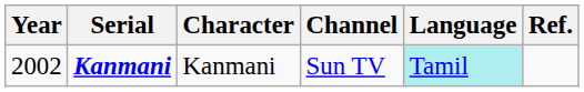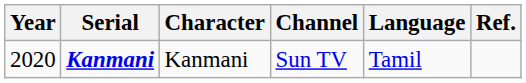 <table class="wikitable">
 <tr>
 <th>Year</th>
 <th>Serial</th>
 <th>Character</th>
 <th>Channel</th>
 <th>Language</th>
 <th>Ref.</th>
 </tr>
 <tr>
-<td>2002</td>
+<td>2020</td>
 <td><strong><em><a href='#'>Kanmani</a></em></strong></td>
 <td>Kanmani</td>
 <td><a href='#'>Sun TV</a></td>
-<td style="background: paleturquoise;"><a href='#'>Tamil</a></td>
+<td><a href='#'>Tamil</a></td>
 <td></td>
 </tr>
 </table>
